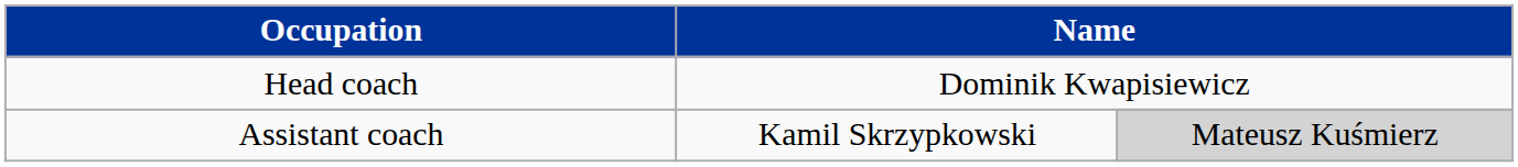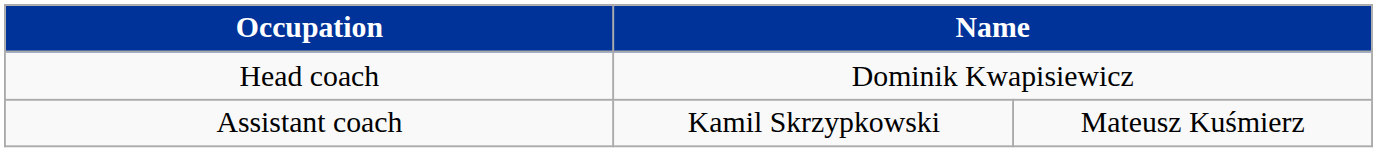 <table class="wikitable" style="font-size:100%; text-align:center">
 <tr>
 <th style="color:#FFFFFF; background-color:#003399; width:20em">Occupation</th>
 <th colspan="2" style="color:#FFFFFF; background-color:#003399; width:25em">Name</th>
 </tr>
 <tr>
 <td>Head coach</td>
 <td colspan="2"> Dominik Kwapisiewicz</td>
 </tr>
 <tr>
 <td>Assistant coach</td>
 <td> Kamil Skrzypkowski</td>
-<td style="background: lightgrey;"> Mateusz Kuśmierz</td>
+<td> Mateusz Kuśmierz</td>
 </tr>
 </table>
